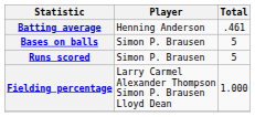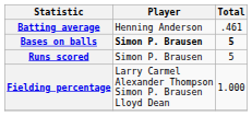 <table class="wikitable plainrowheaders">
 <tr>
 <th scope="col">Statistic</th>
 <th scope="col">Player</th>
 <th scope="col">Total</th>
 </tr>
 <tr>
 <th scope="row"><strong><a href='#'>Batting average</a></strong></th>
 <td>  Henning Anderson</td>
 <td align=center>.461</td>
 </tr>
 <tr>
 <th scope="row"><strong><a href='#'>Bases on balls</a></strong></th>
-<td> Simon P. Brausen</td>
-<td align=center>5</td>
+<td><strong> Simon P. Brausen</strong></td>
+<td align=center><strong>5</strong></td>
 </tr>
 <tr>
 <th scope="row"><strong><a href='#'>Runs scored</a></strong></th>
 <td> Simon P. Brausen</td>
 <td align=center>5</td>
 </tr>
 <tr>
 <th scope="row"><strong><a href='#'>Fielding percentage</a></strong></th>
 <td> Larry Carmel<br> Alexander Thompson<br> Simon P. Brausen<br> Lloyd Dean</td>
 <td align=center>1.000</td>
 </tr>
 <tr>
 </tr>
 </table>
